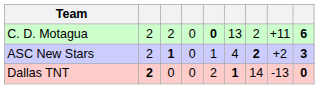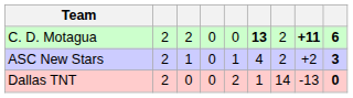 <table class=wikitable style="text-align:center">
 <tr>
 <th style="width:165px;">Team</th>
 <th width="20"></th>
 <th width="20"></th>
 <th width="20"></th>
 <th width="20"></th>
 <th width="20"></th>
 <th width="20"></th>
 <th width="20"></th>
 <th width="20"></th>
 </tr>
 <tr style="background: #ccffcc;">
 <td align=left> C. D. Motagua</td>
 <td>2</td>
 <td>2</td>
 <td>0</td>
-<td><strong>0</strong></td>
-<td>13</td>
+<td>0</td>
+<td><strong>13</strong></td>
 <td>2</td>
-<td>+11</td>
+<td><strong>+11</strong></td>
 <td><strong>6 </strong></td>
 </tr>
 <tr style="background: #ccccff;">
 <td align=left> ASC New Stars</td>
 <td>2</td>
-<td><strong>1</strong></td>
+<td>1</td>
 <td>0</td>
 <td>1</td>
 <td>4</td>
-<td><strong>2</strong></td>
+<td>2</td>
 <td>+2</td>
 <td><strong>3 </strong></td>
 </tr>
 <tr style="background: #ffcccc;">
 <td align=left> Dallas TNT</td>
-<td><strong>2</strong></td>
+<td>2</td>
 <td>0</td>
 <td>0</td>
 <td>2</td>
-<td><strong>1</strong></td>
+<td>1</td>
 <td>14</td>
 <td>-13</td>
 <td><strong>0 </strong></td>
 </tr>
 </table>
